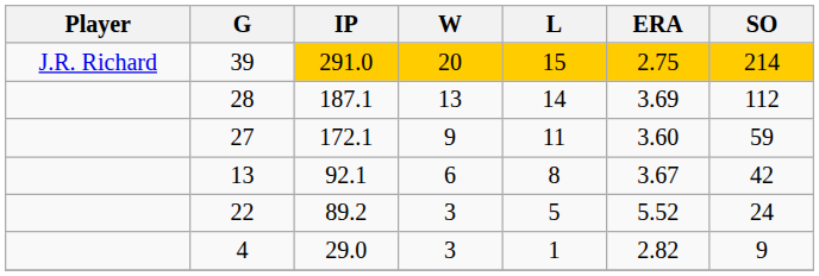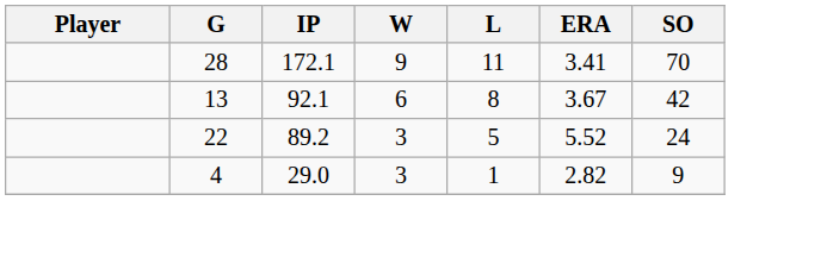 <table class="wikitable sortable">
 <tr>
 <th bgcolor="#DDDDFF" width="16%">Player</th>
 <th bgcolor="#DDDDFF" width="9%">G</th>
 <th bgcolor="#DDDDFF" width="9%">IP</th>
 <th bgcolor="#DDDDFF" width="9%">W</th>
 <th bgcolor="#DDDDFF" width="9%">L</th>
 <th bgcolor="#DDDDFF" width="9%">ERA</th>
 <th bgcolor="#DDDDFF" width="9%">SO</th>
 </tr>
 <tr align="center">
-<td><a href='#'>J.R. Richard</a></td>
-<td>39</td>
-<td style="background:#fc0;">291.0</td>
-<td style="background:#fc0;">20</td>
-<td style="background:#fc0;">15</td>
-<td style="background:#fc0;">2.75</td>
-<td style="background:#fc0;">214</td>
-</tr>
-<tr align="center">
 <td></td>
 <td>28</td>
-<td>187.1</td>
-<td>13</td>
-<td>14</td>
-<td>3.69</td>
-<td>112</td>
-</tr>
-<tr align="center">
-<td></td>
-<td>27</td>
 <td>172.1</td>
 <td>9</td>
 <td>11</td>
-<td>3.60</td>
-<td>59</td>
+<td>3.41</td>
+<td>70</td>
 </tr>
 <tr align="center">
 <td></td>
 <td>13</td>
 <td>92.1</td>
 <td>6</td>
 <td>8</td>
 <td>3.67</td>
 <td>42</td>
 </tr>
 <tr align="center">
 <td></td>
 <td>22</td>
 <td>89.2</td>
 <td>3</td>
 <td>5</td>
 <td>5.52</td>
 <td>24</td>
 </tr>
 <tr align="center">
 <td></td>
 <td>4</td>
 <td>29.0</td>
 <td>3</td>
 <td>1</td>
 <td>2.82</td>
 <td>9</td>
 </tr>
 <tr align="center">
 </tr>
 </table>
